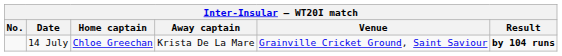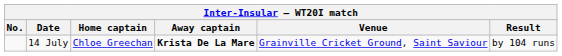 <table class="wikitable">
 <tr>
 <th colspan="6"><a href='#'>Inter-Insular</a> – WT20I match</th>
 </tr>
 <tr>
 <th>No.</th>
 <th>Date</th>
 <th>Home captain</th>
 <th>Away captain</th>
 <th>Venue</th>
 <th>Result</th>
 </tr>
 <tr>
 <td></td>
 <td>14 July</td>
 <td><a href='#'>Chloe Greechan</a></td>
-<td>Krista De La Mare</td>
+<td><strong>Krista De La Mare</strong></td>
 <td><a href='#'>Grainville Cricket Ground</a>, <a href='#'>Saint Saviour</a></td>
-<td><strong> by 104 runs</strong></td>
+<td> by 104 runs</td>
 </tr>
 </table>
